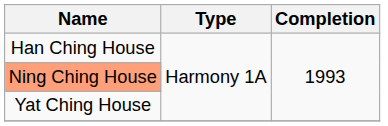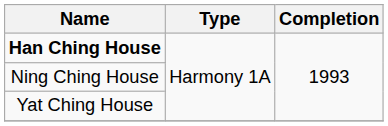 <table class="wikitable" style="text-align: center">
 <tr>
 <th>Name</th>
 <th>Type</th>
 <th>Completion</th>
 </tr>
 <tr>
-<td>Han Ching House</td>
+<td><strong>Han Ching House</strong></td>
 <td rowspan="3">Harmony 1A</td>
 <td rowspan="3">1993</td>
 </tr>
 <tr>
-<td style="background: lightsalmon;">Ning Ching House</td>
+<td>Ning Ching House</td>
 </tr>
 <tr>
 <td>Yat Ching House</td>
 </tr>
 <tr>
 </tr>
 </table>
